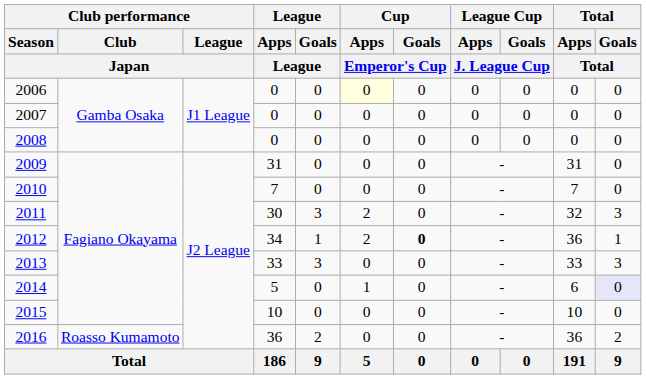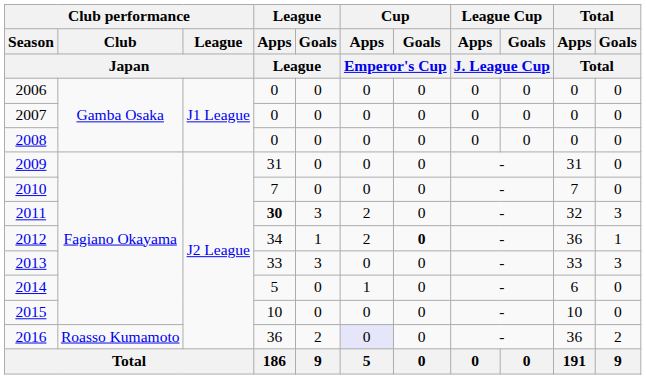 <table class="wikitable" style="text-align:center;">
 <tr>
 <th colspan=3>Club performance</th>
 <th colspan=2>League</th>
 <th colspan=2>Cup</th>
 <th colspan=2>League Cup</th>
 <th colspan=2>Total</th>
 </tr>
 <tr>
 <th>Season</th>
 <th>Club</th>
 <th>League</th>
 <th>Apps</th>
 <th>Goals</th>
 <th>Apps</th>
 <th>Goals</th>
 <th>Apps</th>
 <th>Goals</th>
 <th>Apps</th>
 <th>Goals</th>
 </tr>
 <tr>
 <th colspan=3>Japan</th>
 <th colspan=2>League</th>
 <th colspan=2><a href='#'>Emperor's Cup</a></th>
 <th colspan=2><a href='#'>J. League Cup</a></th>
 <th colspan=2>Total</th>
 </tr>
 <tr>
 <td>2006</td>
 <td rowspan="3"><a href='#'>Gamba Osaka</a></td>
 <td rowspan="3"><a href='#'>J1 League</a></td>
 <td>0</td>
 <td>0</td>
-<td style="background: lightyellow;">0</td>
+<td>0</td>
 <td>0</td>
 <td>0</td>
 <td>0</td>
 <td>0</td>
 <td>0</td>
 </tr>
 <tr>
 <td>2007</td>
 <td>0</td>
 <td>0</td>
 <td>0</td>
 <td>0</td>
 <td>0</td>
 <td>0</td>
 <td>0</td>
 <td>0</td>
 </tr>
 <tr>
 <td><a href='#'>2008</a></td>
 <td>0</td>
 <td>0</td>
 <td>0</td>
 <td>0</td>
 <td>0</td>
 <td>0</td>
 <td>0</td>
 <td>0</td>
 </tr>
 <tr>
 <td><a href='#'>2009</a></td>
 <td rowspan="7"><a href='#'>Fagiano Okayama</a></td>
 <td rowspan="8"><a href='#'>J2 League</a></td>
 <td>31</td>
 <td>0</td>
 <td>0</td>
 <td>0</td>
 <td colspan="2">-</td>
 <td>31</td>
 <td>0</td>
 </tr>
 <tr>
 <td><a href='#'>2010</a></td>
 <td>7</td>
 <td>0</td>
 <td>0</td>
 <td>0</td>
 <td colspan="2">-</td>
 <td>7</td>
 <td>0</td>
 </tr>
 <tr>
 <td><a href='#'>2011</a></td>
-<td>30</td>
+<td><strong>30</strong></td>
 <td>3</td>
 <td>2</td>
 <td>0</td>
 <td colspan="2">-</td>
 <td>32</td>
 <td>3</td>
 </tr>
 <tr>
 <td><a href='#'>2012</a></td>
 <td>34</td>
 <td>1</td>
 <td>2</td>
 <td><strong>0</strong></td>
 <td colspan="2">-</td>
 <td>36</td>
 <td>1</td>
 </tr>
 <tr>
 <td><a href='#'>2013</a></td>
 <td>33</td>
 <td>3</td>
 <td>0</td>
 <td>0</td>
 <td colspan="2">-</td>
 <td>33</td>
 <td>3</td>
 </tr>
 <tr>
 <td><a href='#'>2014</a></td>
 <td>5</td>
 <td>0</td>
 <td>1</td>
 <td>0</td>
 <td colspan="2">-</td>
 <td>6</td>
-<td style="background: lavender;">0</td>
+<td>0</td>
 </tr>
 <tr>
 <td><a href='#'>2015</a></td>
 <td>10</td>
 <td>0</td>
 <td>0</td>
 <td>0</td>
 <td colspan="2">-</td>
 <td>10</td>
 <td>0</td>
 </tr>
 <tr>
 <td><a href='#'>2016</a></td>
 <td rowspan="1"><a href='#'>Roasso Kumamoto</a></td>
 <td>36</td>
 <td>2</td>
-<td>0</td>
+<td style="background: lavender;">0</td>
 <td>0</td>
 <td colspan="2">-</td>
 <td>36</td>
 <td>2</td>
 </tr>
 <tr>
 <th colspan=3>Total</th>
 <th>186</th>
 <th>9</th>
 <th>5</th>
 <th>0</th>
 <th>0</th>
 <th>0</th>
 <th>191</th>
 <th>9</th>
 </tr>
 </table>
